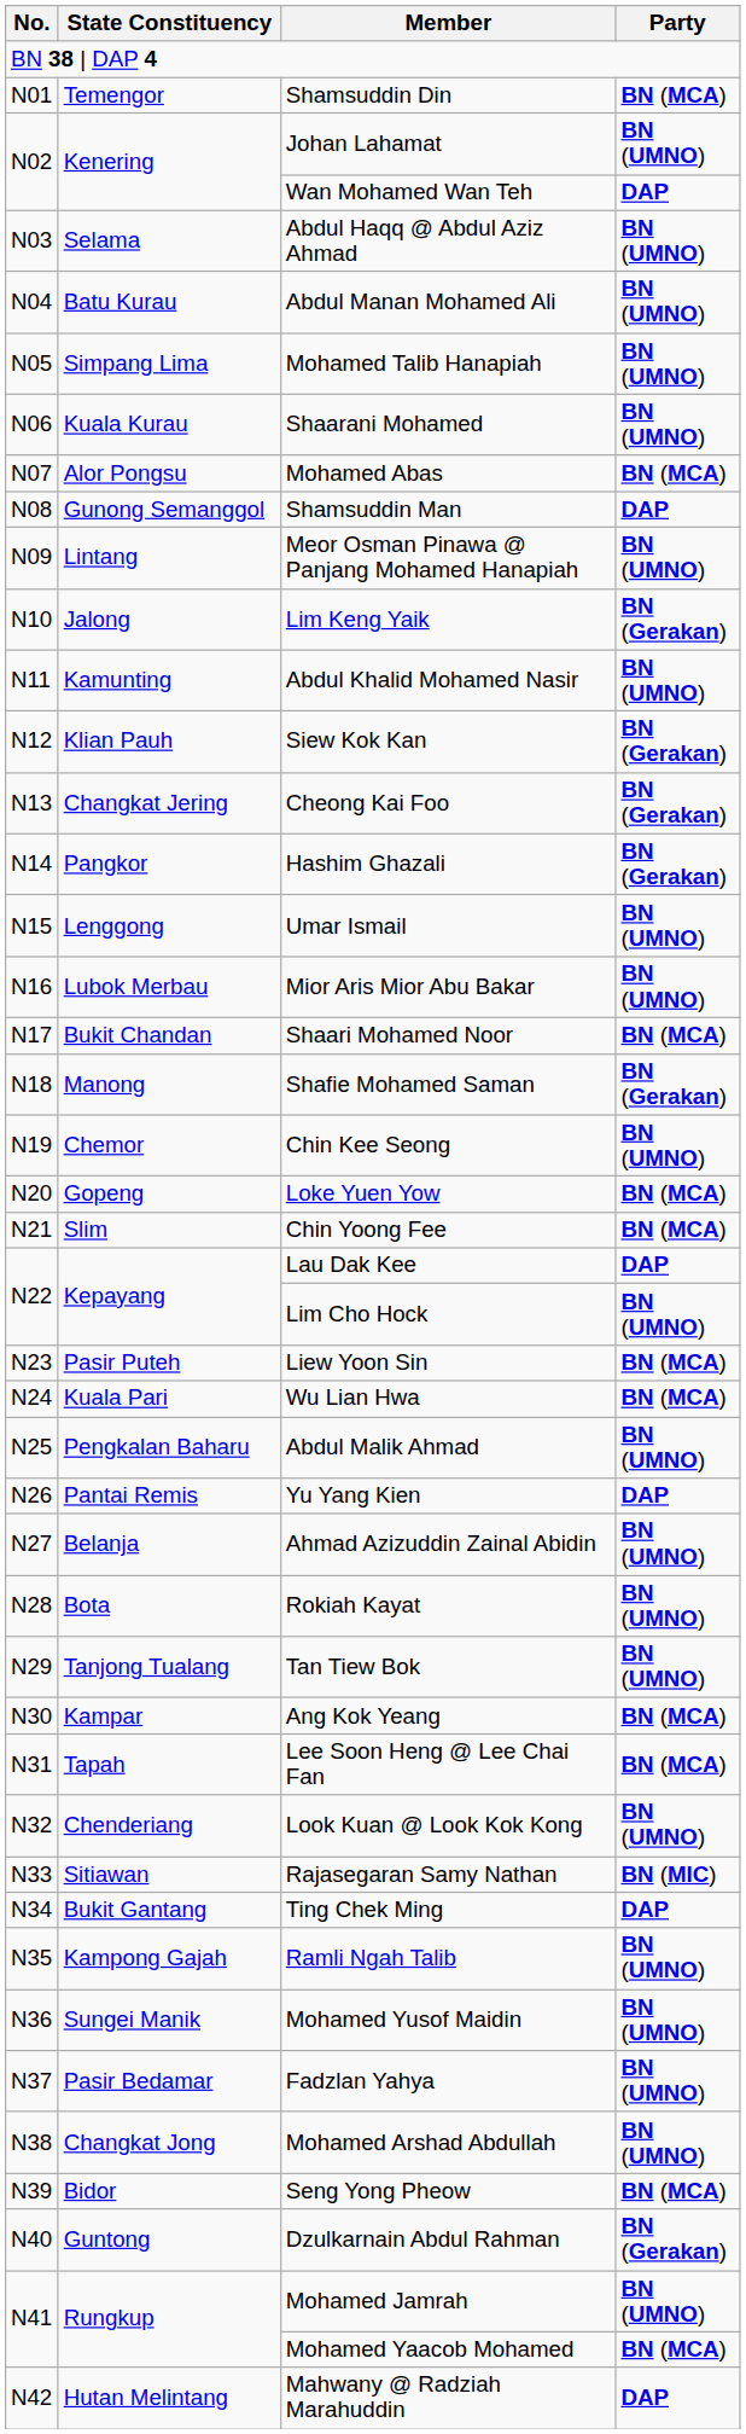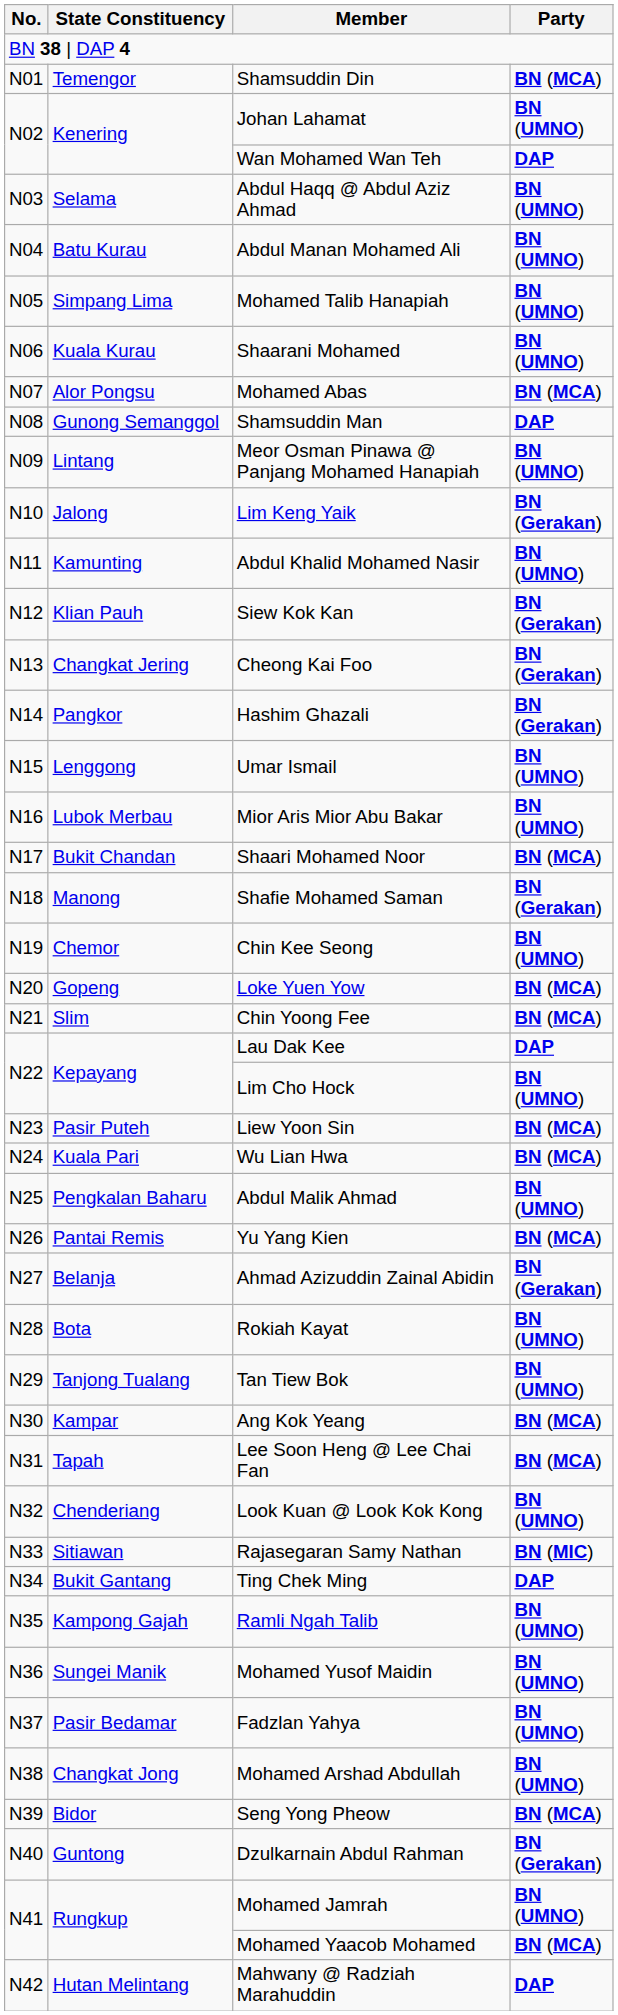 <table class="wikitable sortable">
 <tr>
 <th style="width:30px;">No.</th>
 <th style="width:150px;">State Constituency</th>
 <th style="width:230px;">Member</th>
 <th style="width:80px;">Party</th>
 </tr>
 <tr>
 <td colspan="4"><a href='#'>BN</a> <strong>38</strong> | <a href='#'>DAP</a> <strong>4</strong></td>
 </tr>
 <tr>
 <td>N01</td>
 <td><a href='#'>Temengor</a></td>
 <td>Shamsuddin Din</td>
 <td><strong><a href='#'>BN</a></strong> (<strong><a href='#'>MCA</a></strong>)</td>
 </tr>
 <tr>
 <td rowspan=2>N02</td>
 <td rowspan=2><a href='#'>Kenering</a></td>
 <td>Johan Lahamat </td>
 <td><strong><a href='#'>BN</a></strong> (<strong><a href='#'>UMNO</a></strong>)</td>
 </tr>
 <tr>
 <td>Wan Mohamed Wan Teh </td>
 <td><strong><a href='#'>DAP</a></strong></td>
 </tr>
 <tr>
 <td>N03</td>
 <td><a href='#'>Selama</a></td>
 <td>Abdul Haqq @ Abdul Aziz Ahmad</td>
 <td><strong><a href='#'>BN</a></strong> (<strong><a href='#'>UMNO</a></strong>)</td>
 </tr>
 <tr>
 <td>N04</td>
 <td><a href='#'>Batu Kurau</a></td>
 <td>Abdul Manan Mohamed Ali</td>
 <td><strong><a href='#'>BN</a></strong> (<strong><a href='#'>UMNO</a></strong>)</td>
 </tr>
 <tr>
 <td>N05</td>
 <td><a href='#'>Simpang Lima</a></td>
 <td>Mohamed Talib Hanapiah</td>
 <td><strong><a href='#'>BN</a></strong> (<strong><a href='#'>UMNO</a></strong>)</td>
 </tr>
 <tr>
 <td>N06</td>
 <td><a href='#'>Kuala Kurau</a></td>
 <td>Shaarani Mohamed</td>
 <td><strong><a href='#'>BN</a></strong> (<strong><a href='#'>UMNO</a></strong>)</td>
 </tr>
 <tr>
 <td>N07</td>
 <td><a href='#'>Alor Pongsu</a></td>
 <td>Mohamed Abas</td>
 <td><strong><a href='#'>BN</a></strong> (<strong><a href='#'>MCA</a></strong>)</td>
 </tr>
 <tr>
 <td>N08</td>
 <td><a href='#'>Gunong Semanggol</a></td>
 <td>Shamsuddin Man</td>
 <td><strong><a href='#'>DAP</a></strong></td>
 </tr>
 <tr>
 <td>N09</td>
 <td><a href='#'>Lintang</a></td>
 <td>Meor Osman Pinawa @ Panjang Mohamed Hanapiah</td>
 <td><strong><a href='#'>BN</a></strong> (<strong><a href='#'>UMNO</a></strong>)</td>
 </tr>
 <tr>
 <td>N10</td>
 <td><a href='#'>Jalong</a></td>
 <td><a href='#'>Lim Keng Yaik</a></td>
 <td><strong><a href='#'>BN</a></strong> (<strong><a href='#'>Gerakan</a></strong>)</td>
 </tr>
 <tr>
 <td>N11</td>
 <td><a href='#'>Kamunting</a></td>
 <td>Abdul Khalid Mohamed Nasir</td>
 <td><strong><a href='#'>BN</a></strong> (<strong><a href='#'>UMNO</a></strong>)</td>
 </tr>
 <tr>
 <td>N12</td>
 <td><a href='#'>Klian Pauh</a></td>
 <td>Siew Kok Kan</td>
 <td><strong><a href='#'>BN</a></strong> (<strong><a href='#'>Gerakan</a></strong>)</td>
 </tr>
 <tr>
 <td>N13</td>
 <td><a href='#'>Changkat Jering</a></td>
 <td>Cheong Kai Foo</td>
 <td><strong><a href='#'>BN</a></strong> (<strong><a href='#'>Gerakan</a></strong>)</td>
 </tr>
 <tr>
 <td>N14</td>
 <td><a href='#'>Pangkor</a></td>
 <td>Hashim Ghazali</td>
 <td><strong><a href='#'>BN</a></strong> (<strong><a href='#'>Gerakan</a></strong>)</td>
 </tr>
 <tr>
 <td>N15</td>
 <td><a href='#'>Lenggong</a></td>
 <td>Umar Ismail</td>
 <td><strong><a href='#'>BN</a></strong> (<strong><a href='#'>UMNO</a></strong>)</td>
 </tr>
 <tr>
 <td>N16</td>
 <td><a href='#'>Lubok Merbau</a></td>
 <td>Mior Aris Mior Abu Bakar</td>
 <td><strong><a href='#'>BN</a></strong> (<strong><a href='#'>UMNO</a></strong>)</td>
 </tr>
 <tr>
 <td>N17</td>
 <td><a href='#'>Bukit Chandan</a></td>
 <td>Shaari Mohamed Noor</td>
 <td><strong><a href='#'>BN</a></strong> (<strong><a href='#'>MCA</a></strong>)</td>
 </tr>
 <tr>
 <td>N18</td>
 <td><a href='#'>Manong</a></td>
 <td>Shafie Mohamed Saman</td>
 <td><strong><a href='#'>BN</a></strong> (<strong><a href='#'>Gerakan</a></strong>)</td>
 </tr>
 <tr>
 <td>N19</td>
 <td><a href='#'>Chemor</a></td>
 <td>Chin Kee Seong</td>
 <td><strong><a href='#'>BN</a></strong> (<strong><a href='#'>UMNO</a></strong>)</td>
 </tr>
 <tr>
 <td>N20</td>
 <td><a href='#'>Gopeng</a></td>
 <td><a href='#'>Loke Yuen Yow</a></td>
 <td><strong><a href='#'>BN</a></strong> (<strong><a href='#'>MCA</a></strong>)</td>
 </tr>
 <tr>
 <td>N21</td>
 <td><a href='#'>Slim</a></td>
 <td>Chin Yoong Fee</td>
 <td><strong><a href='#'>BN</a></strong> (<strong><a href='#'>MCA</a></strong>)</td>
 </tr>
 <tr>
 <td rowspan=2>N22</td>
 <td rowspan=2><a href='#'>Kepayang</a></td>
 <td>Lau Dak Kee </td>
 <td><strong><a href='#'>DAP</a></strong></td>
 </tr>
 <tr>
 <td>Lim Cho Hock </td>
 <td><strong><a href='#'>BN</a></strong> (<strong><a href='#'>UMNO</a></strong>)</td>
 </tr>
 <tr>
 <td>N23</td>
 <td><a href='#'>Pasir Puteh</a></td>
 <td>Liew Yoon Sin</td>
 <td><strong><a href='#'>BN</a></strong> (<strong><a href='#'>MCA</a></strong>)</td>
 </tr>
 <tr>
 <td>N24</td>
 <td><a href='#'>Kuala Pari</a></td>
 <td>Wu Lian Hwa</td>
 <td><strong><a href='#'>BN</a></strong> (<strong><a href='#'>MCA</a></strong>)</td>
 </tr>
 <tr>
 <td>N25</td>
 <td><a href='#'>Pengkalan Baharu</a></td>
 <td>Abdul Malik Ahmad</td>
 <td><strong><a href='#'>BN</a></strong> (<strong><a href='#'>UMNO</a></strong>)</td>
 </tr>
 <tr>
 <td>N26</td>
 <td><a href='#'>Pantai Remis</a></td>
 <td>Yu Yang Kien</td>
-<td><strong><a href='#'>DAP</a></strong></td>
+<td><strong><a href='#'>BN</a></strong> (<strong><a href='#'>MCA</a></strong>)</td>
 </tr>
 <tr>
 <td>N27</td>
 <td><a href='#'>Belanja</a></td>
 <td>Ahmad Azizuddin Zainal Abidin</td>
-<td><strong><a href='#'>BN</a></strong> (<strong><a href='#'>UMNO</a></strong>)</td>
+<td><strong><a href='#'>BN</a></strong> (<strong><a href='#'>Gerakan</a></strong>)</td>
 </tr>
 <tr>
 <td>N28</td>
 <td><a href='#'>Bota</a></td>
 <td>Rokiah Kayat</td>
 <td><strong><a href='#'>BN</a></strong> (<strong><a href='#'>UMNO</a></strong>)</td>
 </tr>
 <tr>
 <td>N29</td>
 <td><a href='#'>Tanjong Tualang</a></td>
 <td>Tan Tiew Bok</td>
 <td><strong><a href='#'>BN</a></strong> (<strong><a href='#'>UMNO</a></strong>)</td>
 </tr>
 <tr>
 <td>N30</td>
 <td><a href='#'>Kampar</a></td>
 <td>Ang Kok Yeang</td>
 <td><strong><a href='#'>BN</a></strong> (<strong><a href='#'>MCA</a></strong>)</td>
 </tr>
 <tr>
 <td>N31</td>
 <td><a href='#'>Tapah</a></td>
 <td>Lee Soon Heng @ Lee Chai Fan</td>
 <td><strong><a href='#'>BN</a></strong> (<strong><a href='#'>MCA</a></strong>)</td>
 </tr>
 <tr>
 <td>N32</td>
 <td><a href='#'>Chenderiang</a></td>
 <td>Look Kuan @ Look Kok Kong</td>
 <td><strong><a href='#'>BN</a></strong> (<strong><a href='#'>UMNO</a></strong>)</td>
 </tr>
 <tr>
 <td>N33</td>
 <td><a href='#'>Sitiawan</a></td>
 <td>Rajasegaran Samy Nathan</td>
 <td><strong><a href='#'>BN</a></strong> (<strong><a href='#'>MIC</a></strong>)</td>
 </tr>
 <tr>
 <td>N34</td>
 <td><a href='#'>Bukit Gantang</a></td>
 <td>Ting Chek Ming</td>
 <td><strong><a href='#'>DAP</a></strong></td>
 </tr>
 <tr>
 <td>N35</td>
 <td><a href='#'>Kampong Gajah</a></td>
 <td><a href='#'>Ramli Ngah Talib</a></td>
 <td><strong><a href='#'>BN</a></strong> (<strong><a href='#'>UMNO</a></strong>)</td>
 </tr>
 <tr>
 <td>N36</td>
 <td><a href='#'>Sungei Manik</a></td>
 <td>Mohamed Yusof Maidin</td>
 <td><strong><a href='#'>BN</a></strong> (<strong><a href='#'>UMNO</a></strong>)</td>
 </tr>
 <tr>
 <td>N37</td>
 <td><a href='#'>Pasir Bedamar</a></td>
 <td>Fadzlan Yahya</td>
 <td><strong><a href='#'>BN</a></strong> (<strong><a href='#'>UMNO</a></strong>)</td>
 </tr>
 <tr>
 <td>N38</td>
 <td><a href='#'>Changkat Jong</a></td>
 <td>Mohamed Arshad Abdullah</td>
 <td><strong><a href='#'>BN</a></strong> (<strong><a href='#'>UMNO</a></strong>)</td>
 </tr>
 <tr>
 <td>N39</td>
 <td><a href='#'>Bidor</a></td>
 <td>Seng Yong Pheow</td>
 <td><strong><a href='#'>BN</a></strong> (<strong><a href='#'>MCA</a></strong>)</td>
 </tr>
 <tr>
 <td>N40</td>
 <td><a href='#'>Guntong</a></td>
 <td>Dzulkarnain Abdul Rahman</td>
 <td><strong><a href='#'>BN</a></strong> (<strong><a href='#'>Gerakan</a></strong>)</td>
 </tr>
 <tr>
 <td rowspan=2>N41</td>
 <td rowspan=2><a href='#'>Rungkup</a></td>
 <td>Mohamed Jamrah </td>
 <td><strong><a href='#'>BN</a></strong> (<strong><a href='#'>UMNO</a></strong>)</td>
 </tr>
 <tr>
 <td>Mohamed Yaacob Mohamed </td>
 <td><strong><a href='#'>BN</a></strong> (<strong><a href='#'>MCA</a></strong>)</td>
 </tr>
 <tr>
 <td>N42</td>
 <td><a href='#'>Hutan Melintang</a></td>
 <td>Mahwany @ Radziah Marahuddin</td>
 <td><strong><a href='#'>DAP</a></strong></td>
 </tr>
 </table>
